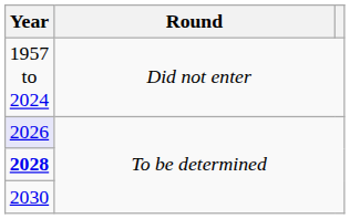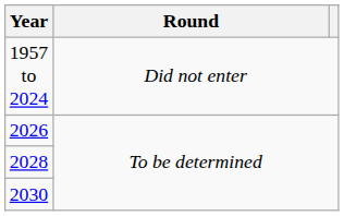 <table class="wikitable" style="text-align: center; font-size:90%">
 <tr>
 <th>Year</th>
 <th style="width:200px">Round</th>
 <th></th>
 </tr>
 <tr>
 <td>1957<br>to<br><a href='#'>2024</a></td>
 <td colspan="2"><em>Did not enter</em></td>
 </tr>
 <tr>
-<td style="background: lavender;"><a href='#'>2026</a></td>
+<td><a href='#'>2026</a></td>
 <td colspan="2" rowspan="3"><em>To be determined</em></td>
 </tr>
 <tr>
-<td><strong><a href='#'>2028</a></strong></td>
+<td><a href='#'>2028</a></td>
 </tr>
 <tr>
 <td><a href='#'>2030</a></td>
 </tr>
 </table>
